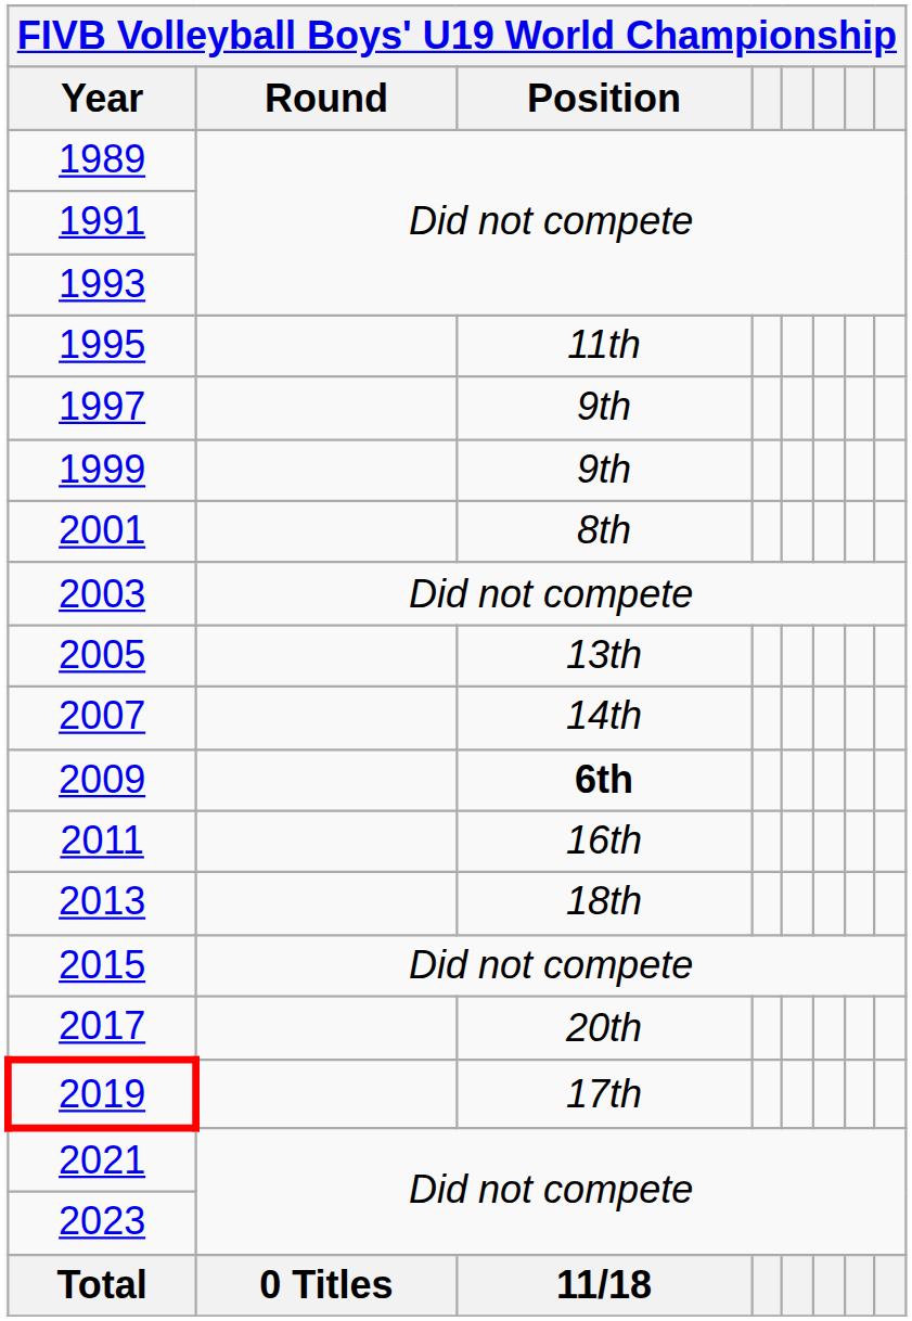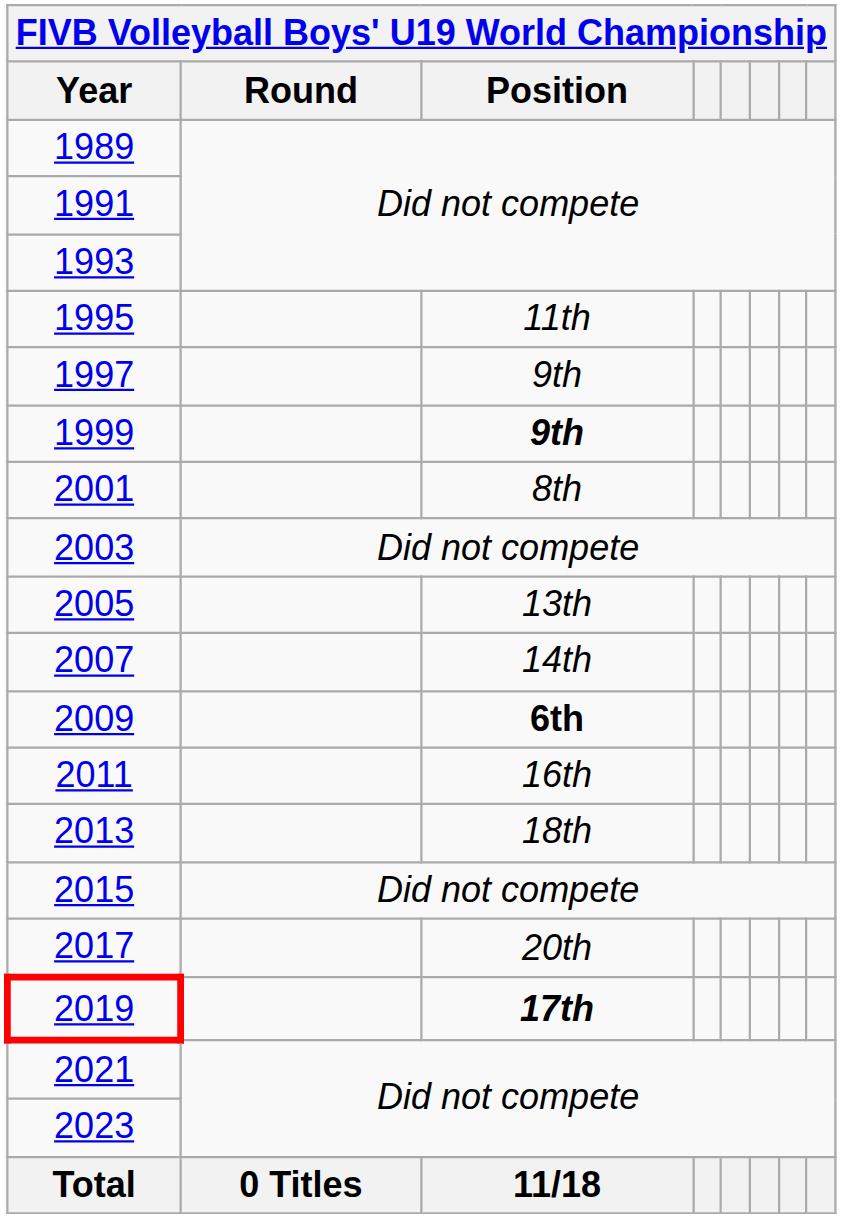 <table class="wikitable" style="text-align: center;">
 <tr>
 <th colspan=8><a href='#'>FIVB Volleyball Boys' U19 World Championship</a></th>
 </tr>
 <tr>
 <th>Year</th>
 <th>Round</th>
 <th>Position</th>
 <th></th>
 <th></th>
 <th></th>
 <th></th>
 <th></th>
 </tr>
 <tr bgcolor=>
 <td> <a href='#'>1989</a></td>
 <td colspan="7" rowspan="3"><em>Did not compete</em></td>
 </tr>
 <tr bgcolor=>
 <td> <a href='#'>1991</a></td>
 </tr>
 <tr bgcolor=>
 <td> <a href='#'>1993</a></td>
 </tr>
 <tr bgcolor=>
 <td> <a href='#'>1995</a></td>
 <td></td>
 <td><em>11th</em></td>
 <td></td>
 <td></td>
 <td></td>
 <td></td>
 <td></td>
 </tr>
 <tr bgcolor=>
 <td> <a href='#'>1997</a></td>
 <td></td>
 <td><em>9th</em></td>
 <td></td>
 <td></td>
 <td></td>
 <td></td>
 <td></td>
 </tr>
 <tr bgcolor=>
 <td> <a href='#'>1999</a></td>
 <td></td>
-<td><em>9th</em></td>
+<td><strong><em>9th</em></strong></td>
 <td></td>
 <td></td>
 <td></td>
 <td></td>
 <td></td>
 </tr>
 <tr bgcolor=>
 <td> <a href='#'>2001</a></td>
 <td></td>
 <td><em>8th</em></td>
 <td></td>
 <td></td>
 <td></td>
 <td></td>
 <td></td>
 </tr>
 <tr bgcolor=>
 <td> <a href='#'>2003</a></td>
 <td colspan="7"><em>Did not compete</em></td>
 </tr>
 <tr bgcolor=>
 <td> <a href='#'>2005</a></td>
 <td></td>
 <td><em>13th</em></td>
 <td></td>
 <td></td>
 <td></td>
 <td></td>
 <td></td>
 </tr>
 <tr bgcolor=>
 <td> <a href='#'>2007</a></td>
 <td></td>
 <td><em>14th</em></td>
 <td></td>
 <td></td>
 <td></td>
 <td></td>
 <td></td>
 </tr>
 <tr bgcolor=>
 <td> <a href='#'>2009</a></td>
 <td></td>
 <td><strong>6th</strong></td>
 <td></td>
 <td></td>
 <td></td>
 <td></td>
 <td></td>
 </tr>
 <tr bgcolor=>
 <td> <a href='#'>2011</a></td>
 <td></td>
 <td><em>16th</em></td>
 <td></td>
 <td></td>
 <td></td>
 <td></td>
 <td></td>
 </tr>
 <tr bgcolor=>
 <td> <a href='#'>2013</a></td>
 <td></td>
 <td><em>18th</em></td>
 <td></td>
 <td></td>
 <td></td>
 <td></td>
 <td></td>
 </tr>
 <tr bgcolor=>
 <td> <a href='#'>2015</a></td>
 <td colspan="7"><em>Did not compete</em></td>
 </tr>
 <tr bgcolor=>
 <td> <a href='#'>2017</a></td>
 <td></td>
 <td><em>20th</em></td>
 <td></td>
 <td></td>
 <td></td>
 <td></td>
 <td></td>
 </tr>
 <tr bgcolor=>
 <td style="border:3px solid red"> <a href='#'>2019</a></td>
 <td></td>
-<td><em>17th</em></td>
+<td><strong><em>17th</em></strong></td>
 <td></td>
 <td></td>
 <td></td>
 <td></td>
 <td></td>
 </tr>
 <tr bgcolor=>
 <td> <a href='#'>2021</a></td>
 <td colspan="7" rowspan="2"><em>Did not compete</em></td>
 </tr>
 <tr bgcolor=>
 <td> <a href='#'>2023</a></td>
 </tr>
 <tr>
 <th>Total</th>
 <th>0 Titles</th>
 <th>11/18</th>
 <th></th>
 <th></th>
 <th></th>
 <th></th>
 <th></th>
 </tr>
 </table>
